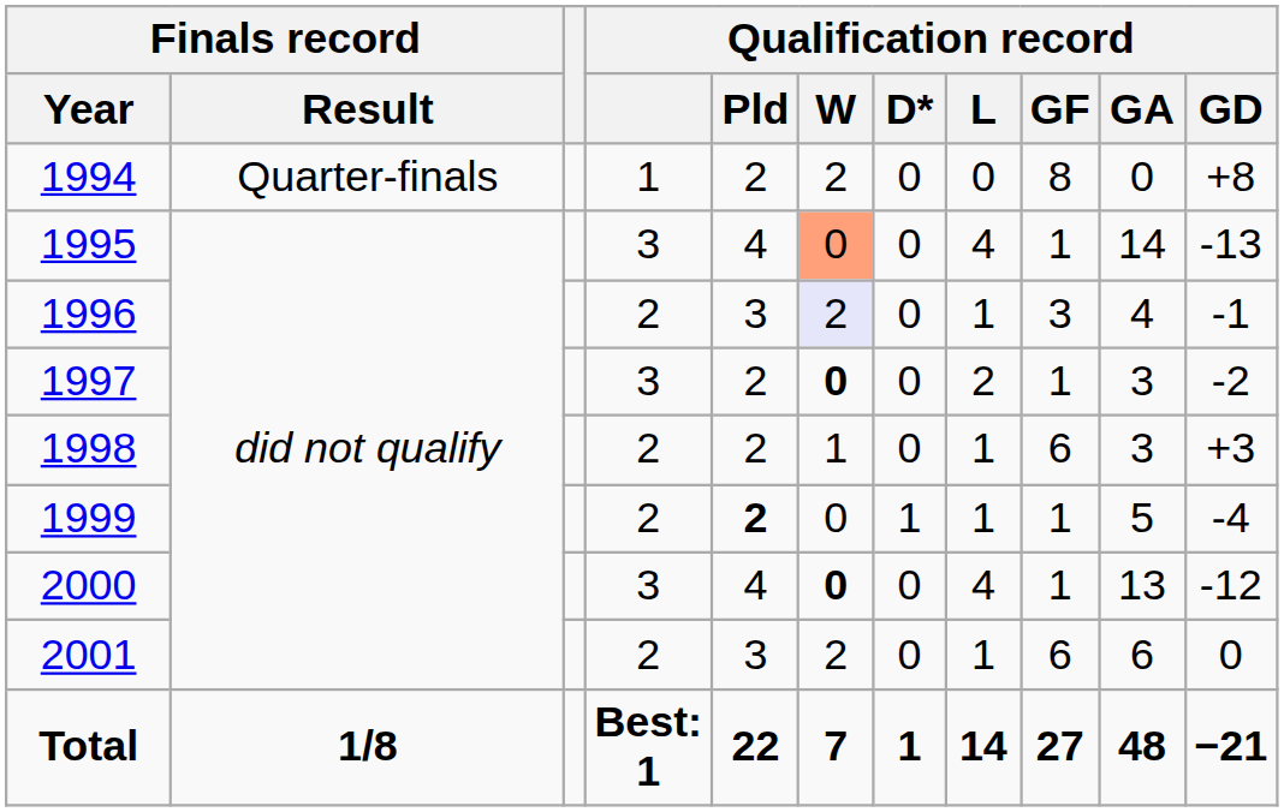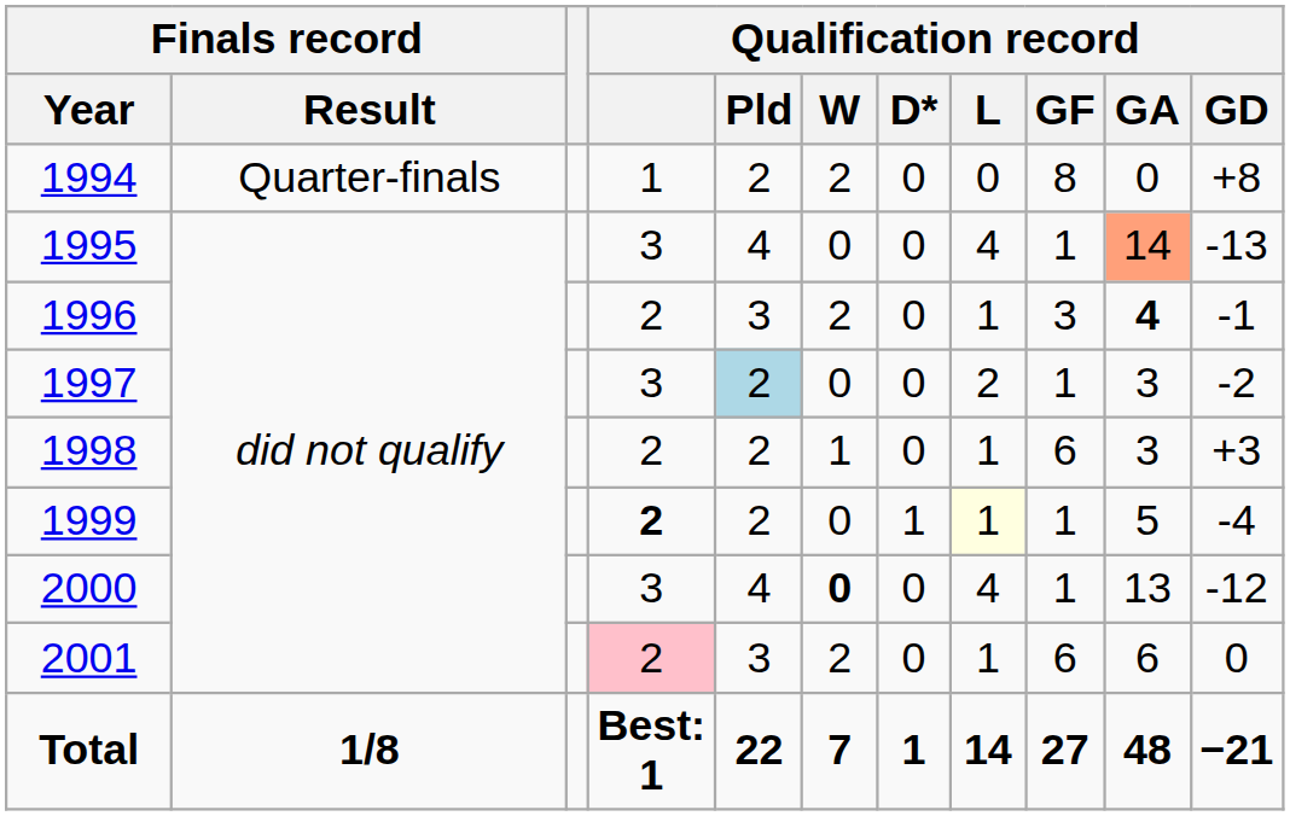 <table class="wikitable" style="text-align: center;">
 <tr>
 <th colspan=2 width="200">Finals record</th>
 <th rowspan=2></th>
 <th colspan=8>Qualification record</th>
 </tr>
 <tr>
 <th>Year</th>
 <th>Result</th>
 <th width=20></th>
 <th width=20>Pld</th>
 <th width=20>W</th>
 <th width=20>D*</th>
 <th width=20>L</th>
 <th width=20>GF</th>
 <th width=20>GA</th>
 <th width=25>GD</th>
 </tr>
 <tr>
 <td> <a href='#'>1994</a></td>
 <td>Quarter-finals</td>
 <td></td>
 <td>1</td>
 <td>2</td>
 <td>2</td>
 <td>0</td>
 <td>0</td>
 <td>8</td>
 <td>0</td>
 <td>+8</td>
 </tr>
 <tr>
 <td> <a href='#'>1995</a></td>
 <td rowspan="7"><em>did not qualify</em></td>
 <td></td>
 <td>3</td>
 <td>4</td>
-<td style="background: lightsalmon;">0</td>
+<td>0</td>
 <td>0</td>
 <td>4</td>
 <td>1</td>
-<td>14</td>
+<td style="background: lightsalmon;">14</td>
 <td>-13</td>
 </tr>
 <tr>
 <td> <a href='#'>1996</a></td>
 <td></td>
 <td>2</td>
 <td>3</td>
-<td style="background: lavender;">2</td>
+<td>2</td>
 <td>0</td>
 <td>1</td>
 <td>3</td>
-<td>4</td>
+<td><strong>4</strong></td>
 <td>-1</td>
 </tr>
 <tr>
 <td> <a href='#'>1997</a></td>
 <td></td>
 <td>3</td>
-<td>2</td>
-<td><strong>0</strong></td>
+<td style="background: lightblue;">2</td>
+<td>0</td>
 <td>0</td>
 <td>2</td>
 <td>1</td>
 <td>3</td>
 <td>-2</td>
 </tr>
 <tr>
 <td> <a href='#'>1998</a></td>
 <td></td>
 <td>2</td>
 <td>2</td>
 <td>1</td>
 <td>0</td>
 <td>1</td>
 <td>6</td>
 <td>3</td>
 <td>+3</td>
 </tr>
 <tr>
 <td> <a href='#'>1999</a></td>
 <td></td>
+<td><strong>2</strong></td>
 <td>2</td>
-<td><strong>2</strong></td>
 <td>0</td>
 <td>1</td>
-<td>1</td>
+<td style="background: lightyellow;">1</td>
 <td>1</td>
 <td>5</td>
 <td>-4</td>
 </tr>
 <tr>
 <td> <a href='#'>2000</a></td>
 <td></td>
 <td>3</td>
 <td>4</td>
 <td><strong>0</strong></td>
 <td>0</td>
 <td>4</td>
 <td>1</td>
 <td>13</td>
 <td>-12</td>
 </tr>
 <tr>
 <td> <a href='#'>2001</a></td>
 <td></td>
-<td>2</td>
+<td style="background: pink;">2</td>
 <td>3</td>
 <td>2</td>
 <td>0</td>
 <td>1</td>
 <td>6</td>
 <td>6</td>
 <td>0</td>
 </tr>
 <tr>
 <td><strong>Total</strong></td>
 <td><strong>1/8</strong></td>
 <td></td>
 <td><strong>Best: 1</strong></td>
 <td><strong>22</strong></td>
 <td><strong>7</strong></td>
 <td><strong>1</strong></td>
 <td><strong>14</strong></td>
 <td><strong>27</strong></td>
 <td><strong>48</strong></td>
 <td><strong>−21</strong></td>
 </tr>
 </table>
